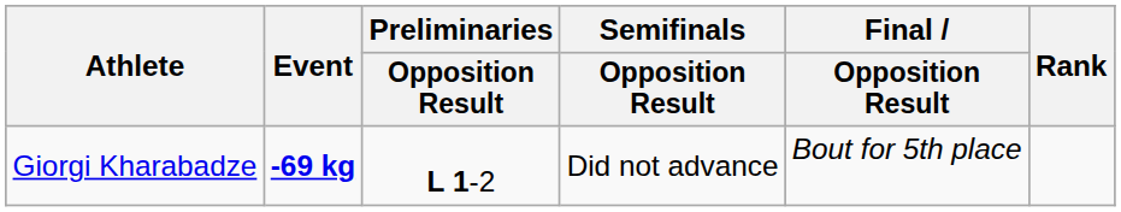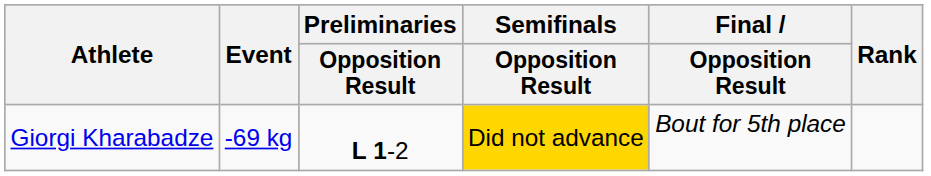 <table class="wikitable" style="font-size:90%;">
 <tr>
 <th rowspan=2>Athlete</th>
 <th rowspan=2>Event</th>
 <th>Preliminaries</th>
 <th>Semifinals</th>
 <th>Final / </th>
 <th rowspan=2>Rank</th>
 </tr>
 <tr style="font-size:95%">
 <th>Opposition<br>Result</th>
 <th>Opposition<br>Result</th>
 <th>Opposition<br>Result</th>
 </tr>
 <tr align=center>
 <td align=left><a href='#'>Giorgi Kharabadze</a></td>
-<td align=left><strong><a href='#'>-69 kg</a></strong></td>
+<td align=left><a href='#'>-69 kg</a></td>
 <td> <br> <strong>L</strong> <strong>1</strong>-2</td>
-<td>Did not advance</td>
+<td style="background: gold;">Did not advance</td>
 <td><em>Bout for 5th place</em><br> <br></td>
 <td></td>
 </tr>
 </table>
